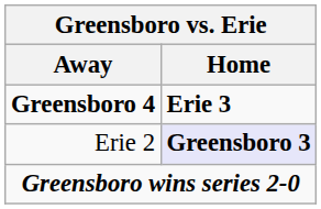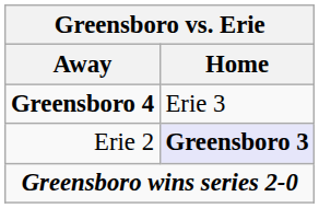 <table class="wikitable">
 <tr>
 <th bgcolor="#DDDDDD" colspan="4">Greensboro vs. Erie</th>
 </tr>
 <tr>
 <th>Away</th>
 <th>Home</th>
 </tr>
 <tr>
 <td align="right"><strong>Greensboro 4</strong></td>
-<td><strong>Erie 3</strong></td>
+<td>Erie 3</td>
 </tr>
 <tr>
 <td align="right">Erie 2</td>
 <td style="background: lavender;"><strong>Greensboro 3</strong></td>
 </tr>
 <tr align="center">
 <td colspan="4"><strong><em>Greensboro wins series 2-0</em></strong></td>
 </tr>
 </table>
